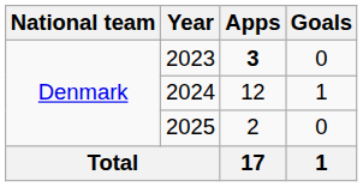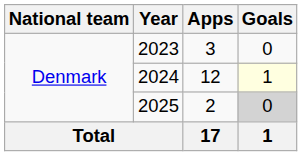 <table class="wikitable" style="text-align: center;">
 <tr>
 <th>National team</th>
 <th>Year</th>
 <th>Apps</th>
 <th>Goals</th>
 </tr>
 <tr>
 <td rowspan="3"><a href='#'>Denmark</a></td>
 <td>2023</td>
-<td><strong>3</strong></td>
+<td>3</td>
 <td>0</td>
 </tr>
 <tr>
 <td>2024</td>
 <td>12</td>
-<td>1</td>
+<td style="background: lightyellow;">1</td>
 </tr>
 <tr>
 <td>2025</td>
 <td>2</td>
-<td>0</td>
+<td style="background: lightgrey;">0</td>
 </tr>
 <tr>
 <th colspan="2">Total</th>
 <th>17</th>
 <th>1</th>
 </tr>
 </table>
